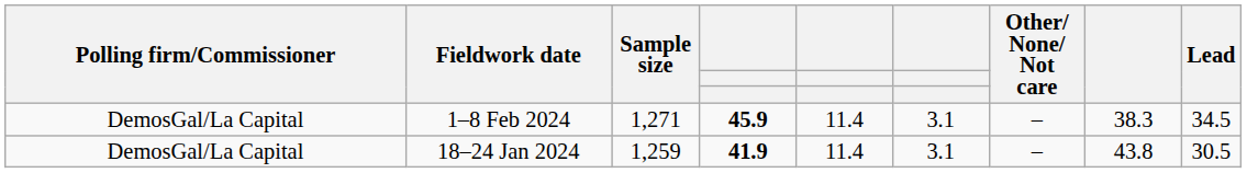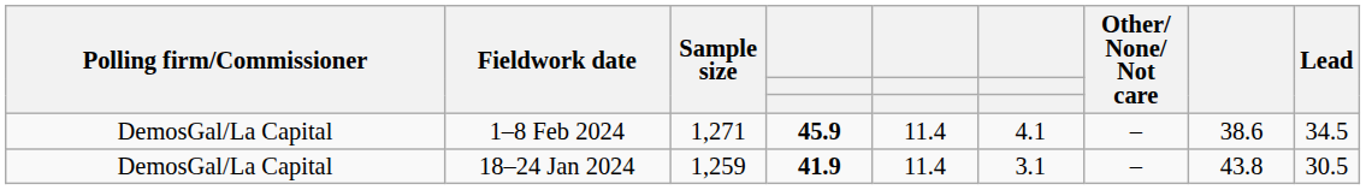 <table class="wikitable collapsible collapsed" style="text-align:center; font-size:90%; line-height:14px;">
 <tr style="height:42px;">
 <th style="width:250px;" rowspan="3">Polling firm/Commissioner</th>
 <th style="width:125px;" rowspan="3">Fieldwork date</th>
 <th style="width:50px;" rowspan="3">Sample size</th>
 <th style="width:55px;"></th>
 <th style="width:55px;"></th>
 <th style="width:55px;"></th>
 <th style="width:55px;" rowspan="3">Other/<br>None/<br>Not<br>care</th>
 <th style="width:55px;" rowspan="3"></th>
 <th style="width:30px;" rowspan="3">Lead</th>
 </tr>
 <tr>
 <th style="color:inherit;background:"></th>
 <th style="color:inherit;background:"></th>
 <th style="color:inherit;background:"></th>
 </tr>
 <tr>
 <th></th>
 <th></th>
 <th></th>
 </tr>
 <tr>
 <td>DemosGal/La Capital</td>
 <td>1–8 Feb 2024</td>
 <td>1,271</td>
 <td><strong>45.9</strong></td>
 <td>11.4</td>
-<td>3.1</td>
+<td>4.1</td>
 <td>–</td>
-<td>38.3</td>
+<td>38.6</td>
 <td style="background:">34.5</td>
 </tr>
 <tr>
 <td>DemosGal/La Capital</td>
 <td>18–24 Jan 2024</td>
 <td>1,259</td>
 <td><strong>41.9</strong></td>
 <td>11.4</td>
 <td>3.1</td>
 <td>–</td>
 <td>43.8</td>
 <td style="background:">30.5</td>
 </tr>
 </table>
